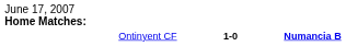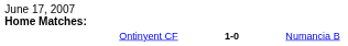 <table width=100% cellspacing=1>
 <tr>
 <th width=20%></th>
 <th width=12%></th>
 <th width=20%></th>
 <th></th>
 </tr>
 <tr>
 <td>June 17, 2007<br><strong>Home Matches:</strong></td>
 </tr>
 <tr style=font-size:90%>
 <td align=right><a href='#'>Ontinyent CF</a></td>
 <td align=center><strong>1-0</strong></td>
-<td><strong><a href='#'>Numancia B</a></strong></td>
+<td><a href='#'>Numancia B</a></td>
 </tr>
 </table>
